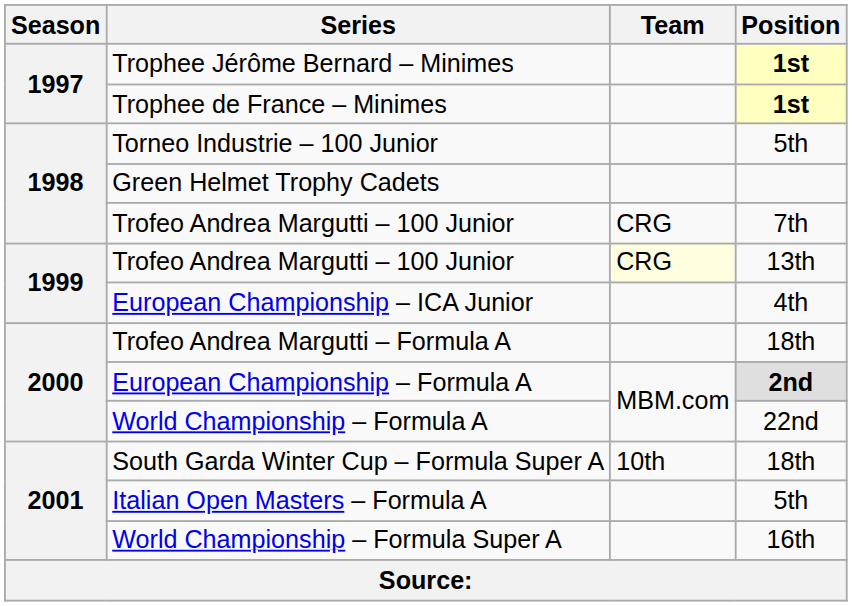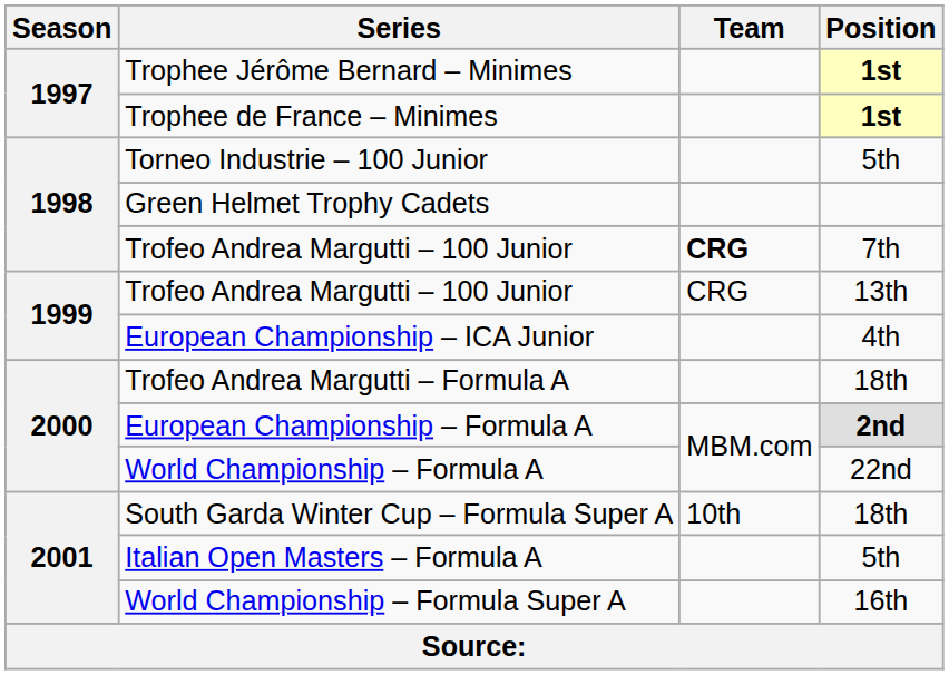 <table class="wikitable" style="font-size: 85%; text-align:center">
 <tr>
 <th>Season</th>
 <th>Series</th>
 <th>Team</th>
 <th>Position</th>
 </tr>
 <tr>
 <th rowspan="2">1997</th>
 <td align="left">Trophee Jérôme Bernard – Minimes</td>
 <td align="left"></td>
 <td style="background:#FFFFBF"><strong>1st</strong></td>
 </tr>
 <tr>
 <td align="left">Trophee de France – Minimes</td>
 <td align="left"></td>
 <td style="background:#FFFFBF"><strong>1st</strong></td>
 </tr>
 <tr>
 <th rowspan="3">1998</th>
 <td align="left">Torneo Industrie – 100 Junior</td>
 <td align="left"></td>
 <td>5th</td>
 </tr>
 <tr>
 <td align="left">Green Helmet Trophy Cadets</td>
 <td align="left"></td>
 <td></td>
 </tr>
 <tr>
 <td align="left">Trofeo Andrea Margutti – 100 Junior</td>
-<td align="left">CRG</td>
+<td align="left"><strong>CRG</strong></td>
 <td>7th</td>
 </tr>
 <tr>
 <th rowspan="2">1999</th>
 <td align="left">Trofeo Andrea Margutti – 100 Junior</td>
-<td align="left" style="background: lightyellow;">CRG</td>
+<td align="left">CRG</td>
 <td>13th</td>
 </tr>
 <tr>
 <td align="left"><a href='#'>European Championship</a> – ICA Junior</td>
 <td align="left"></td>
 <td>4th</td>
 </tr>
 <tr>
 <th rowspan="3">2000</th>
 <td align="left">Trofeo Andrea Margutti – Formula A</td>
 <td align="left"></td>
 <td>18th</td>
 </tr>
 <tr>
 <td align="left"><a href='#'>European Championship</a> – Formula A</td>
 <td rowspan="2" align="left">MBM.com</td>
 <td style="background:#DFDFDF"><strong>2nd</strong></td>
 </tr>
 <tr>
 <td align="left"><a href='#'>World Championship</a> – Formula A</td>
 <td>22nd</td>
 </tr>
 <tr>
 <th rowspan="3">2001</th>
 <td align="left">South Garda Winter Cup – Formula Super A</td>
 <td align="left">10th</td>
 <td>18th</td>
 </tr>
 <tr>
 <td align="left"><a href='#'>Italian Open Masters</a> – Formula A</td>
 <td align="left"></td>
 <td>5th</td>
 </tr>
 <tr>
 <td align="left"><a href='#'>World Championship</a> – Formula Super A</td>
 <td align="left"></td>
 <td>16th</td>
 </tr>
 <tr>
 <th colspan="4">Source:</th>
 </tr>
 </table>
